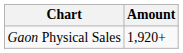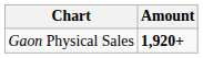 <table class="wikitable">
 <tr>
 <th>Chart</th>
 <th>Amount</th>
 </tr>
 <tr>
 <td><em>Gaon</em> Physical Sales</td>
-<td>1,920+ </td>
+<td><strong>1,920+ </strong></td>
 </tr>
 </table>
